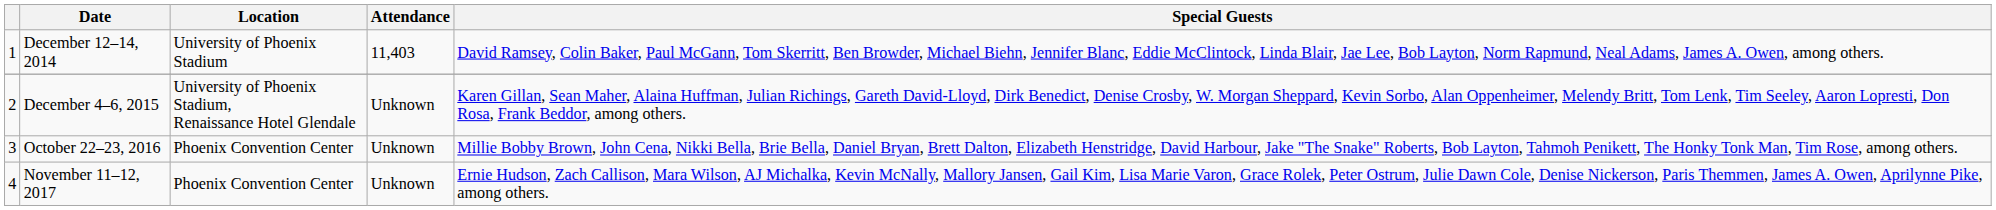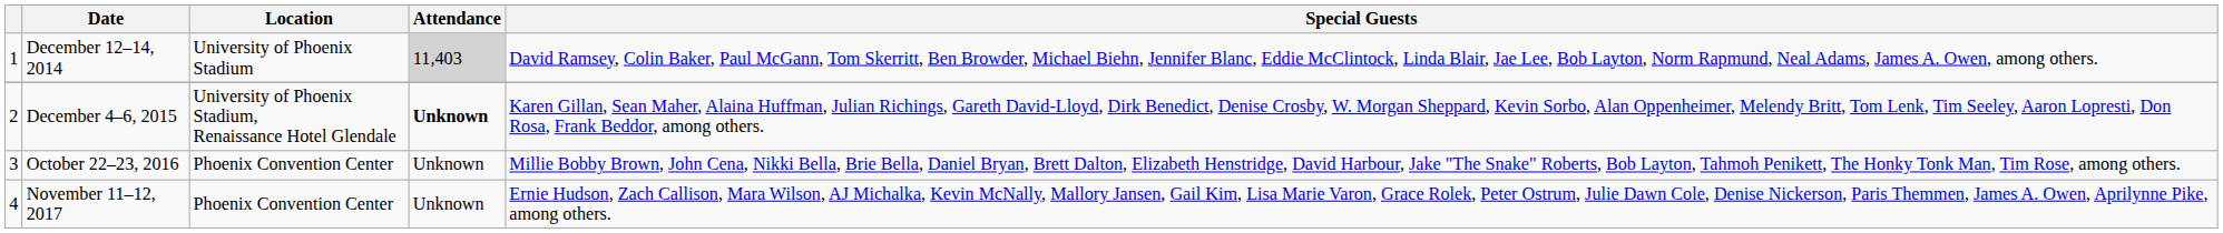 <table class="wikitable sortable">
 <tr>
 <th></th>
 <th>Date</th>
 <th>Location</th>
 <th>Attendance</th>
 <th>Special Guests</th>
 </tr>
 <tr>
 <td>1</td>
 <td>December 12–14, 2014</td>
 <td>University of Phoenix Stadium</td>
-<td>11,403</td>
+<td style="background: lightgrey;">11,403</td>
 <td><a href='#'>David Ramsey</a>, <a href='#'>Colin Baker</a>, <a href='#'>Paul McGann</a>, <a href='#'>Tom Skerritt</a>, <a href='#'>Ben Browder</a>, <a href='#'>Michael Biehn</a>, <a href='#'>Jennifer Blanc</a>, <a href='#'>Eddie McClintock</a>, <a href='#'>Linda Blair</a>, <a href='#'>Jae Lee</a>, <a href='#'>Bob Layton</a>, <a href='#'>Norm Rapmund</a>, <a href='#'>Neal Adams</a>, <a href='#'>James A. Owen</a>, among others.</td>
 </tr>
 <tr>
 </tr>
 <tr>
 <td>2</td>
 <td>December 4–6, 2015</td>
 <td>University of Phoenix Stadium,<br>Renaissance Hotel Glendale</td>
-<td>Unknown</td>
+<td><strong>Unknown</strong></td>
 <td><a href='#'>Karen Gillan</a>, <a href='#'>Sean Maher</a>, <a href='#'>Alaina Huffman</a>, <a href='#'>Julian Richings</a>, <a href='#'>Gareth David-Lloyd</a>, <a href='#'>Dirk Benedict</a>, <a href='#'>Denise Crosby</a>, <a href='#'>W. Morgan Sheppard</a>, <a href='#'>Kevin Sorbo</a>, <a href='#'>Alan Oppenheimer</a>, <a href='#'>Melendy Britt</a>, <a href='#'>Tom Lenk</a>, <a href='#'>Tim Seeley</a>, <a href='#'>Aaron Lopresti</a>, <a href='#'>Don Rosa</a>, <a href='#'>Frank Beddor</a>, among others.</td>
 </tr>
 <tr>
 <td>3</td>
 <td>October 22–23, 2016</td>
 <td>Phoenix Convention Center</td>
 <td>Unknown</td>
 <td><a href='#'>Millie Bobby Brown</a>, <a href='#'>John Cena</a>, <a href='#'>Nikki Bella</a>, <a href='#'>Brie Bella</a>, <a href='#'>Daniel Bryan</a>, <a href='#'>Brett Dalton</a>, <a href='#'>Elizabeth Henstridge</a>, <a href='#'>David Harbour</a>, <a href='#'>Jake "The Snake" Roberts</a>, <a href='#'>Bob Layton</a>, <a href='#'>Tahmoh Penikett</a>, <a href='#'>The Honky Tonk Man</a>, <a href='#'>Tim Rose</a>, among others.</td>
 </tr>
 <tr>
 <td>4</td>
 <td>November 11–12, 2017</td>
 <td>Phoenix Convention Center</td>
 <td>Unknown</td>
 <td><a href='#'>Ernie Hudson</a>, <a href='#'>Zach Callison</a>, <a href='#'>Mara Wilson</a>, <a href='#'>AJ Michalka</a>, <a href='#'>Kevin McNally</a>, <a href='#'>Mallory Jansen</a>, <a href='#'>Gail Kim</a>, <a href='#'>Lisa Marie Varon</a>, <a href='#'>Grace Rolek</a>, <a href='#'>Peter Ostrum</a>, <a href='#'>Julie Dawn Cole</a>, <a href='#'>Denise Nickerson</a>, <a href='#'>Paris Themmen</a>, <a href='#'>James A. Owen</a>, <a href='#'>Aprilynne Pike</a>, among others.</td>
 </tr>
 </table>
